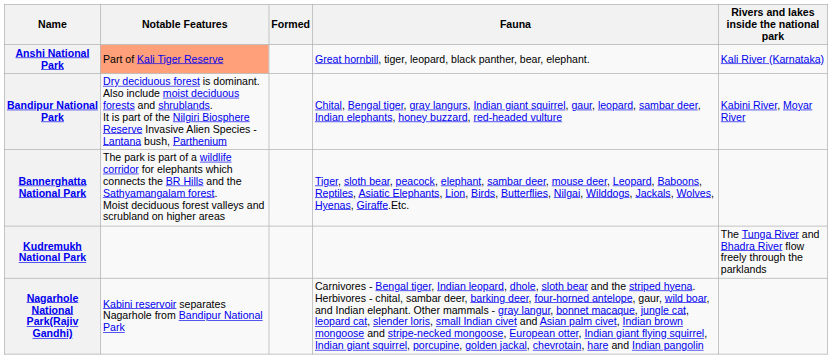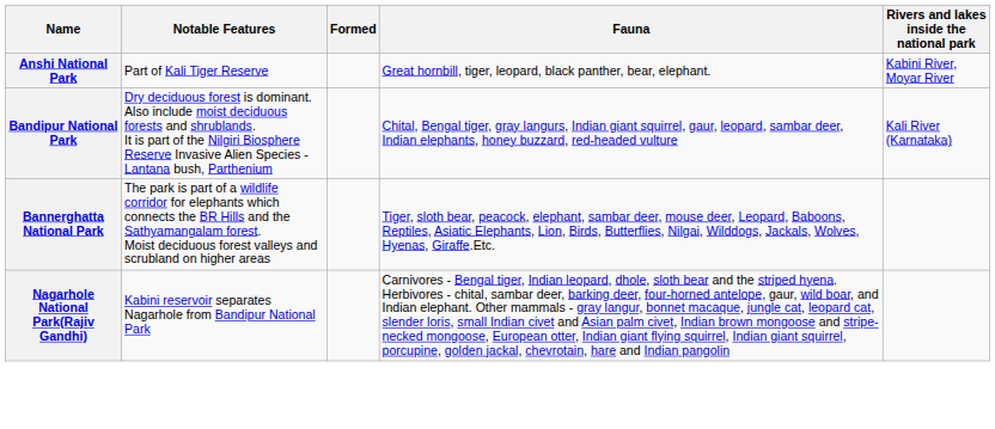 <table class="wikitable sortable">
 <tr>
 <th>Name</th>
 <th>Notable Features</th>
 <th>Formed</th>
 <th>Fauna</th>
 <th>Rivers and lakes inside the national park</th>
 </tr>
 <tr>
 <th><a href='#'>Anshi National Park</a></th>
-<td style="background: lightsalmon;">Part of <a href='#'>Kali Tiger Reserve</a></td>
+<td>Part of <a href='#'>Kali Tiger Reserve</a></td>
 <td></td>
 <td><a href='#'>Great hornbill</a>, tiger, leopard, black panther, bear, elephant.</td>
-<td><a href='#'>Kali River (Karnataka)</a></td>
+<td><a href='#'>Kabini River</a>, <a href='#'>Moyar River</a></td>
 </tr>
 <tr>
 <th><a href='#'>Bandipur National Park</a></th>
 <td><a href='#'>Dry deciduous forest</a> is dominant. Also include  <a href='#'>moist deciduous forests</a> and <a href='#'>shrublands</a>.<br>It is part of the <a href='#'>Nilgiri Biosphere Reserve</a> Invasive Alien Species - <a href='#'>Lantana</a> bush, <a href='#'>Parthenium</a></td>
 <td></td>
 <td><a href='#'>Chital</a>, <a href='#'>Bengal tiger</a>, <a href='#'>gray langurs</a>, <a href='#'>Indian giant squirrel</a>, <a href='#'>gaur</a>, <a href='#'>leopard</a>, <a href='#'>sambar deer</a>, <a href='#'>Indian elephants</a>, <a href='#'>honey buzzard</a>, <a href='#'>red-headed vulture</a></td>
-<td><a href='#'>Kabini River</a>, <a href='#'>Moyar River</a></td>
+<td><a href='#'>Kali River (Karnataka)</a></td>
 </tr>
 <tr>
 <th><a href='#'>Bannerghatta National Park</a></th>
 <td>The park is part of a <a href='#'>wildlife corridor</a> for elephants which connects the <a href='#'>BR Hills</a> and the <a href='#'>Sathyamangalam forest</a>.<br>Moist deciduous forest valleys and scrubland on higher areas</td>
 <td></td>
 <td><br><a href='#'>Tiger</a>, <a href='#'>sloth bear</a>, <a href='#'>peacock</a>, <a href='#'>elephant</a>, <a href='#'>sambar deer</a>, <a href='#'>mouse deer</a>, <a href='#'>Leopard</a>, <a href='#'>Baboons</a>, <a href='#'>Reptiles</a>, <a href='#'>Asiatic Elephants</a>, <a href='#'>Lion</a>, <a href='#'>Birds</a>, <a href='#'>Butterflies</a>, <a href='#'>Nilgai</a>, <a href='#'>Wilddogs</a>, <a href='#'>Jackals</a>, <a href='#'>Wolves</a>, <a href='#'>Hyenas</a>, <a href='#'>Giraffe</a>.Etc.</td>
 <td></td>
 </tr>
 <tr>
-<th><a href='#'>Kudremukh National Park</a></th>
-<td></td>
-<td></td>
-<td></td>
-<td>The <a href='#'>Tunga River</a> and <a href='#'>Bhadra River</a> flow freely through the parklands</td>
-</tr>
-<tr>
 <th><a href='#'>Nagarhole National Park(Rajiv Gandhi)</a></th>
 <td><a href='#'>Kabini reservoir</a> separates Nagarhole from <a href='#'>Bandipur National Park</a></td>
 <td></td>
 <td>Carnivores - <a href='#'>Bengal tiger</a>, <a href='#'>Indian leopard</a>, <a href='#'>dhole</a>, <a href='#'>sloth bear</a> and the <a href='#'>striped hyena</a>.<br>Herbivores - chital, sambar deer, <a href='#'>barking deer</a>, <a href='#'>four-horned antelope</a>, gaur, <a href='#'>wild boar</a>, and Indian elephant. Other mammals -  <a href='#'>gray langur</a>, <a href='#'>bonnet macaque</a>, <a href='#'>jungle cat</a>, <a href='#'>leopard cat</a>, <a href='#'>slender loris</a>, <a href='#'>small Indian civet</a> and <a href='#'>Asian palm civet</a>, <a href='#'>Indian brown mongoose</a> and <a href='#'>stripe-necked mongoose</a>, <a href='#'>European otter</a>, <a href='#'>Indian giant flying squirrel</a>, <a href='#'>Indian giant squirrel</a>, <a href='#'>porcupine</a>, <a href='#'>golden jackal</a>, <a href='#'>chevrotain</a>, <a href='#'>hare</a> and <a href='#'>Indian pangolin</a></td>
 <td></td>
 </tr>
 </table>
